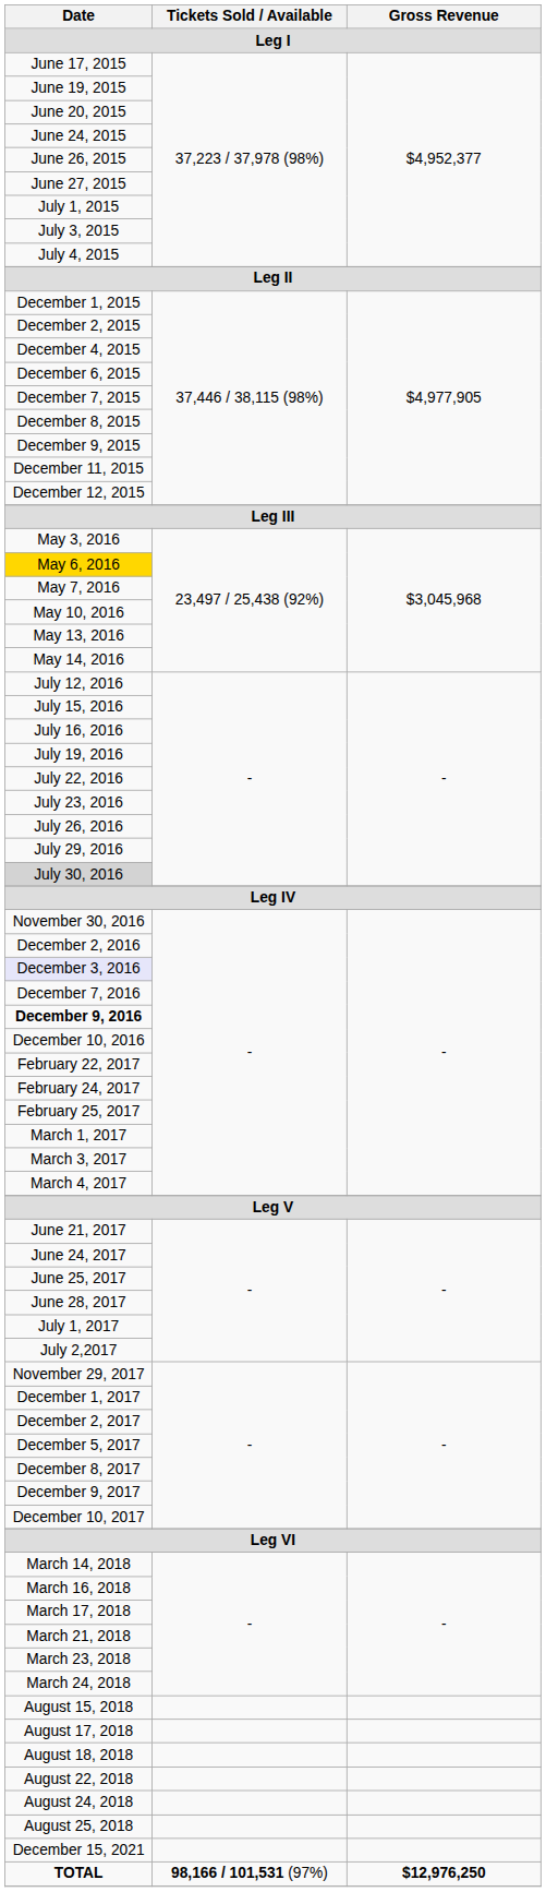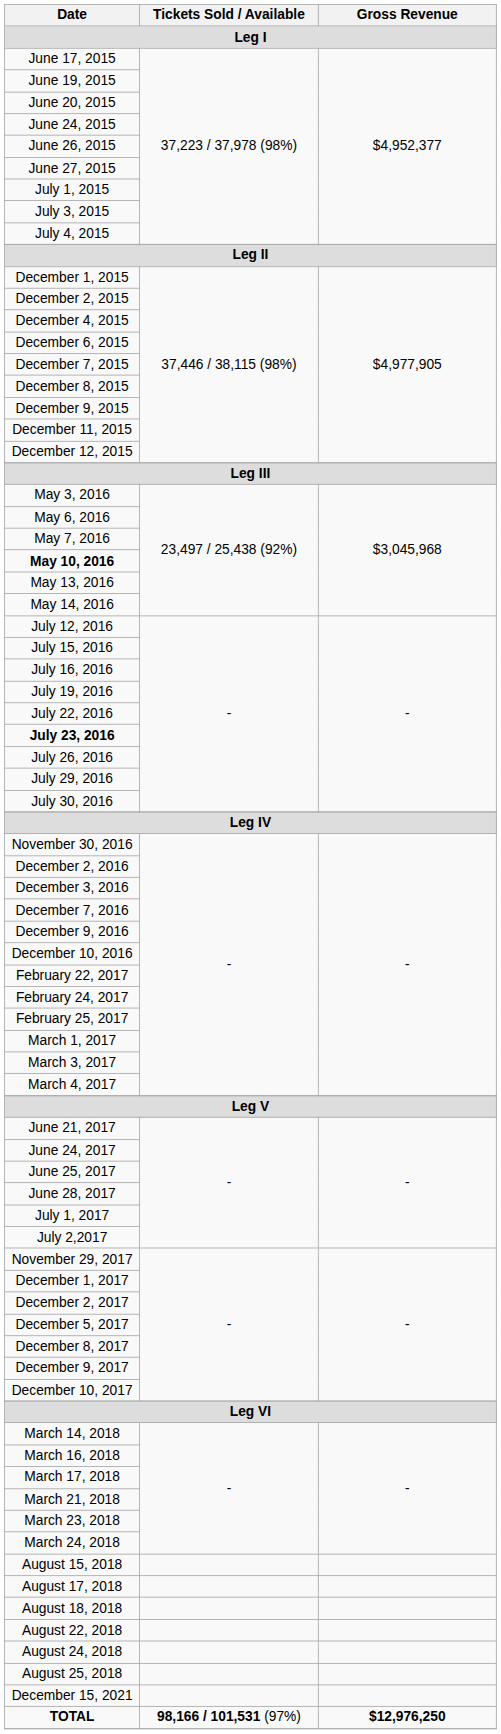 <table class="wikitable" style="text-align:center">
 <tr>
 <th width="150">Date</th>
 <th width="200">Tickets Sold / Available</th>
 <th width="200">Gross Revenue</th>
 </tr>
 <tr bgcolor="#DDDDDD">
 <td colspan=3><strong>Leg I</strong></td>
 </tr>
 <tr>
 <td>June 17, 2015</td>
 <td rowspan="9">37,223 / 37,978 (98%)</td>
 <td rowspan="9">$4,952,377</td>
 </tr>
 <tr>
 <td>June 19, 2015</td>
 </tr>
 <tr>
 <td>June 20, 2015</td>
 </tr>
 <tr>
 <td>June 24, 2015</td>
 </tr>
 <tr>
 <td>June 26, 2015</td>
 </tr>
 <tr>
 <td>June 27, 2015</td>
 </tr>
 <tr>
 <td>July 1, 2015</td>
 </tr>
 <tr>
 <td>July 3, 2015</td>
 </tr>
 <tr>
 <td>July 4, 2015</td>
 </tr>
 <tr>
 </tr>
 <tr bgcolor="#DDDDDD">
 <td colspan=3><strong>Leg II</strong></td>
 </tr>
 <tr>
 <td>December 1, 2015</td>
 <td rowspan="9">37,446 / 38,115 (98%)</td>
 <td rowspan="9">$4,977,905</td>
 </tr>
 <tr>
 <td>December 2, 2015</td>
 </tr>
 <tr>
 <td>December 4, 2015</td>
 </tr>
 <tr>
 <td>December 6, 2015</td>
 </tr>
 <tr>
 <td>December 7, 2015</td>
 </tr>
 <tr>
 <td>December 8, 2015</td>
 </tr>
 <tr>
 <td>December 9, 2015</td>
 </tr>
 <tr>
 <td>December 11, 2015</td>
 </tr>
 <tr>
 <td>December 12, 2015</td>
 </tr>
 <tr>
 </tr>
 <tr bgcolor="#DDDDDD">
 <td colspan=3><strong>Leg III</strong></td>
 </tr>
 <tr>
 <td>May 3, 2016</td>
 <td rowspan="6">23,497 / 25,438 (92%)</td>
 <td rowspan="6">$3,045,968</td>
 </tr>
 <tr>
-<td style="background: gold;">May 6, 2016</td>
+<td>May 6, 2016</td>
 </tr>
 <tr>
 <td>May 7, 2016</td>
 </tr>
 <tr>
-<td>May 10, 2016</td>
+<td><strong>May 10, 2016</strong></td>
 </tr>
 <tr>
 <td>May 13, 2016</td>
 </tr>
 <tr>
 <td>May 14, 2016</td>
 </tr>
 <tr>
 <td>July 12, 2016</td>
 <td rowspan="9">-</td>
 <td rowspan="9">-</td>
 </tr>
 <tr>
 <td>July 15, 2016</td>
 </tr>
 <tr>
 <td>July 16, 2016</td>
 </tr>
 <tr>
 <td>July 19, 2016</td>
 </tr>
 <tr>
 <td>July 22, 2016</td>
 </tr>
 <tr>
-<td>July 23, 2016</td>
+<td><strong>July 23, 2016</strong></td>
 </tr>
 <tr>
 <td>July 26, 2016</td>
 </tr>
 <tr>
 <td>July 29, 2016</td>
 </tr>
 <tr>
-<td style="background: lightgrey;">July 30, 2016</td>
+<td>July 30, 2016</td>
 </tr>
 <tr>
 </tr>
 <tr bgcolor="#DDDDDD">
 <td colspan=3><strong>Leg IV</strong></td>
 </tr>
 <tr>
 <td>November 30, 2016</td>
 <td rowspan="12">-</td>
 <td rowspan="12">-</td>
 </tr>
 <tr>
 <td>December 2, 2016</td>
 </tr>
 <tr>
-<td style="background: lavender;">December 3, 2016</td>
+<td>December 3, 2016</td>
 </tr>
 <tr>
 <td>December 7, 2016</td>
 </tr>
 <tr>
-<td><strong>December 9, 2016</strong></td>
+<td>December 9, 2016</td>
 </tr>
 <tr>
 <td>December 10, 2016</td>
 </tr>
 <tr>
 <td>February 22, 2017</td>
 </tr>
 <tr>
 <td>February 24, 2017</td>
 </tr>
 <tr>
 <td>February 25, 2017</td>
 </tr>
 <tr>
 <td>March 1, 2017</td>
 </tr>
 <tr>
 <td>March 3, 2017</td>
 </tr>
 <tr>
 <td>March 4, 2017</td>
 </tr>
 <tr>
 </tr>
 <tr bgcolor="#DDDDDD">
 <td colspan=3><strong>Leg V</strong></td>
 </tr>
 <tr>
 <td>June 21, 2017</td>
 <td rowspan="6">-</td>
 <td rowspan="6">-</td>
 </tr>
 <tr>
 <td>June 24, 2017</td>
 </tr>
 <tr>
 <td>June 25, 2017</td>
 </tr>
 <tr>
 <td>June 28, 2017</td>
 </tr>
 <tr>
 <td>July 1, 2017</td>
 </tr>
 <tr>
 <td>July 2,2017</td>
 </tr>
 <tr>
 <td>November 29, 2017</td>
 <td rowspan="7">-</td>
 <td rowspan="7">-</td>
 </tr>
 <tr>
 <td>December 1, 2017</td>
 </tr>
 <tr>
 <td>December 2, 2017</td>
 </tr>
 <tr>
 <td>December 5, 2017</td>
 </tr>
 <tr>
 <td>December 8, 2017</td>
 </tr>
 <tr>
 <td>December 9, 2017</td>
 </tr>
 <tr>
 <td>December 10, 2017</td>
 </tr>
 <tr>
 </tr>
 <tr bgcolor="#DDDDDD">
 <td colspan=3><strong>Leg VI</strong></td>
 </tr>
 <tr>
 <td>March 14, 2018</td>
 <td rowspan="6">-</td>
 <td rowspan="6">-</td>
 </tr>
 <tr>
 <td>March 16, 2018</td>
 </tr>
 <tr>
 <td>March 17, 2018</td>
 </tr>
 <tr>
 <td>March 21, 2018</td>
 </tr>
 <tr>
 <td>March 23, 2018</td>
 </tr>
 <tr>
 <td>March 24, 2018</td>
 </tr>
 <tr>
 <td>August 15, 2018</td>
 <td></td>
 <td></td>
 </tr>
 <tr>
 <td>August 17, 2018</td>
 <td></td>
 <td></td>
 </tr>
 <tr>
 <td>August 18, 2018</td>
 <td></td>
 <td></td>
 </tr>
 <tr>
 <td>August 22, 2018</td>
 <td></td>
 <td></td>
 </tr>
 <tr>
 <td>August 24, 2018</td>
 <td></td>
 <td></td>
 </tr>
 <tr>
 <td>August 25, 2018</td>
 <td></td>
 <td></td>
 </tr>
 <tr>
 <td>December 15, 2021</td>
 <td></td>
 <td></td>
 </tr>
 <tr>
 <td><strong>TOTAL</strong></td>
 <td><strong>98,166 / 101,531</strong> (97%)</td>
 <td><strong>$12,976,250</strong></td>
 </tr>
 <tr>
 </tr>
 </table>
